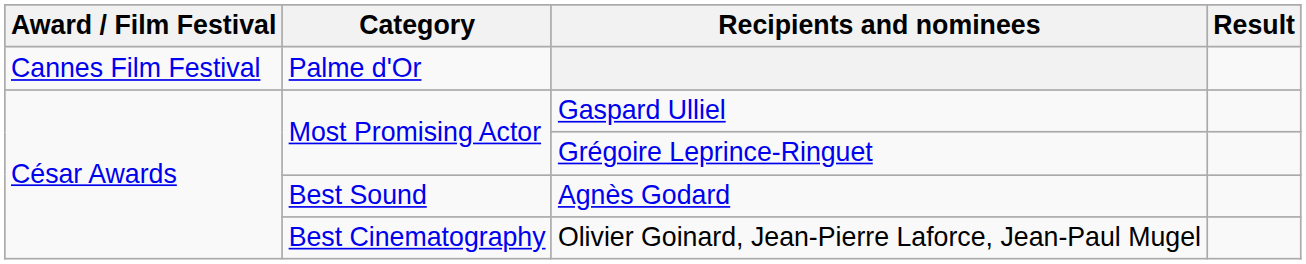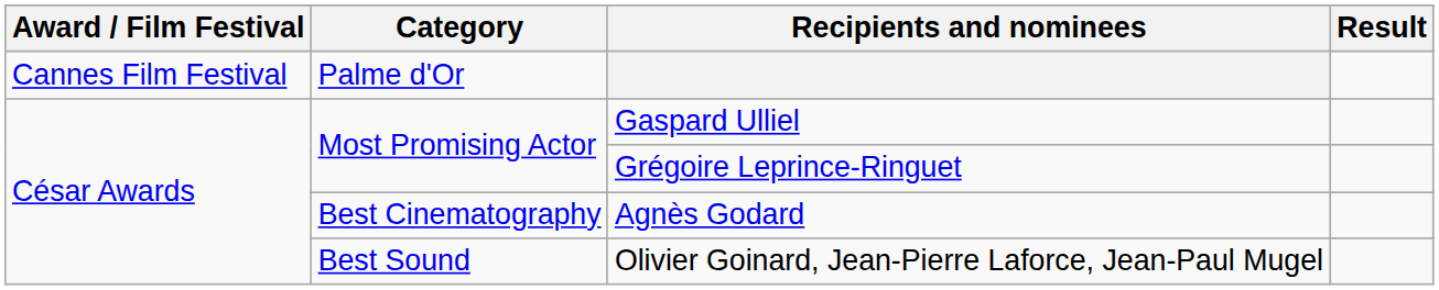 <table class="wikitable plainrowheaders sortable">
 <tr style="background:#ccc; text-align:center;">
 <th scope="col">Award / Film Festival</th>
 <th scope="col">Category</th>
 <th scope="col">Recipients and nominees</th>
 <th scope="col">Result</th>
 </tr>
 <tr>
 <td><a href='#'>Cannes Film Festival</a></td>
 <td><a href='#'>Palme d'Or</a></td>
 <th></th>
 <td></td>
 </tr>
 <tr>
 <td rowspan=4><a href='#'>César Awards</a></td>
 <td rowspan=2><a href='#'>Most Promising Actor</a></td>
 <td><a href='#'>Gaspard Ulliel</a></td>
 <td></td>
 </tr>
 <tr>
 <td><a href='#'>Grégoire Leprince-Ringuet</a></td>
 <td></td>
 </tr>
 <tr>
-<td><a href='#'>Best Sound</a></td>
+<td><a href='#'>Best Cinematography</a></td>
 <td><a href='#'>Agnès Godard</a></td>
 <td></td>
 </tr>
 <tr>
-<td><a href='#'>Best Cinematography</a></td>
+<td><a href='#'>Best Sound</a></td>
 <td>Olivier Goinard, Jean-Pierre Laforce, Jean-Paul Mugel</td>
 <td></td>
 </tr>
 </table>
